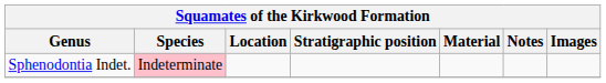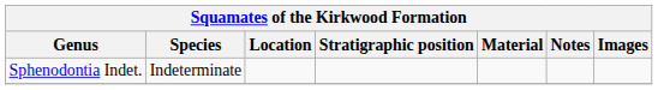 <table class="wikitable" align="center">
 <tr>
 <th colspan="7" align="center"><a href='#'>Squamates</a> of the Kirkwood Formation</th>
 </tr>
 <tr>
 <th>Genus</th>
 <th>Species</th>
 <th>Location</th>
 <th>Stratigraphic position</th>
 <th>Material</th>
 <th>Notes</th>
 <th>Images</th>
 </tr>
 <tr>
 <td><a href='#'>Sphenodontia</a> Indet.</td>
-<td style="background: pink;">Indeterminate</td>
+<td>Indeterminate</td>
 <td></td>
 <td></td>
 <td></td>
 <td></td>
 <td></td>
 </tr>
 <tr>
 </tr>
 </table>
